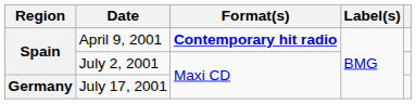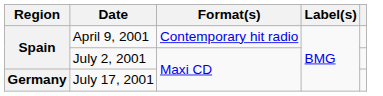 <table class="wikitable sortable plainrowheaders">
 <tr>
 <th scope="col">Region</th>
 <th scope="col">Date</th>
 <th scope="col">Format(s)</th>
 <th scope="col">Label(s)</th>
 <th scope="col"></th>
 </tr>
 <tr>
 <th scope="row" rowspan="2">Spain</th>
 <td>April 9, 2001</td>
-<td><strong><a href='#'>Contemporary hit radio</a></strong></td>
+<td><a href='#'>Contemporary hit radio</a></td>
 <td rowspan="3"><a href='#'>BMG</a></td>
 <td></td>
 </tr>
 <tr>
 <td>July 2, 2001</td>
 <td rowspan="2"><a href='#'>Maxi CD</a></td>
 <td></td>
 </tr>
 <tr>
 <th scope="row">Germany</th>
 <td>July 17, 2001</td>
 <td></td>
 </tr>
 </table>
